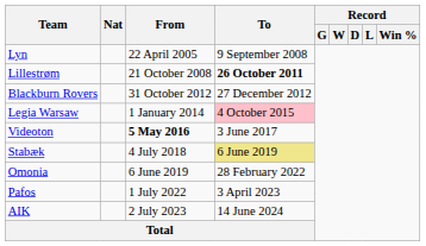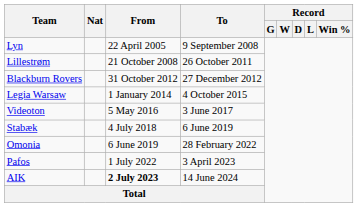 <table class="wikitable" style="text-align: center">
 <tr>
 <th rowspan="2">Team</th>
 <th rowspan="2">Nat</th>
 <th rowspan="2">From</th>
 <th rowspan="2">To</th>
 <th colspan="5">Record</th>
 </tr>
 <tr>
 <th>G</th>
 <th>W</th>
 <th>D</th>
 <th>L</th>
 <th>Win %</th>
 </tr>
 <tr>
 <td align=left><a href='#'>Lyn</a></td>
 <td></td>
 <td align=left>22 April 2005</td>
 <td align=left>9 September 2008<br></td>
 </tr>
 <tr>
 <td align=left><a href='#'>Lillestrøm</a></td>
 <td></td>
 <td align=left>21 October 2008</td>
-<td align=left><strong>26 October 2011<br></strong></td>
+<td align=left>26 October 2011<br></td>
 </tr>
 <tr>
 <td align=left><a href='#'>Blackburn Rovers</a></td>
 <td></td>
 <td align=left>31 October 2012</td>
 <td align=left>27 December 2012<br></td>
 </tr>
 <tr>
 <td align=left><a href='#'>Legia Warsaw</a></td>
 <td></td>
 <td align=left>1 January 2014</td>
-<td align=left style="background: pink;">4 October 2015<br></td>
+<td align=left>4 October 2015<br></td>
 </tr>
 <tr>
 <td align=left><a href='#'>Videoton</a></td>
 <td></td>
-<td align=left><strong>5 May 2016</strong></td>
+<td align=left>5 May 2016</td>
 <td align=left>3 June 2017<br></td>
 </tr>
 <tr>
 <td align=left><a href='#'>Stabæk</a></td>
 <td></td>
 <td align=left>4 July 2018</td>
-<td align=left style="background: khaki;">6 June 2019<br></td>
+<td align=left>6 June 2019<br></td>
 </tr>
 <tr>
 <td align=left><a href='#'>Omonia</a></td>
 <td></td>
 <td align=left>6 June 2019</td>
 <td align=left>28 February 2022<br></td>
 </tr>
 <tr>
 <td align=left><a href='#'>Pafos</a></td>
 <td></td>
 <td align=left>1 July 2022</td>
 <td align=left>3 April 2023<br></td>
 </tr>
 <tr>
 <td align=left><a href='#'>AIK</a></td>
 <td></td>
-<td align=left>2 July 2023</td>
+<td align=left><strong>2 July 2023</strong></td>
 <td align=left>14 June 2024<br></td>
 </tr>
 <tr>
 <th colspan="4">Total<br></th>
 </tr>
 </table>
